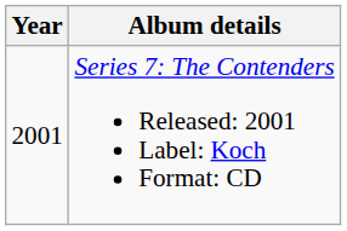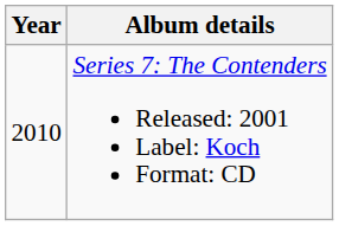 <table class ="wikitable">
 <tr>
 <th>Year</th>
 <th>Album details</th>
 </tr>
 <tr>
-<td>2001</td>
+<td>2010</td>
 <td><em><a href='#'>Series 7: The Contenders</a></em><br><ul><li>Released: 2001</li><li>Label: <a href='#'>Koch</a></li><li>Format: CD</li></ul></td>
 </tr>
 </table>
